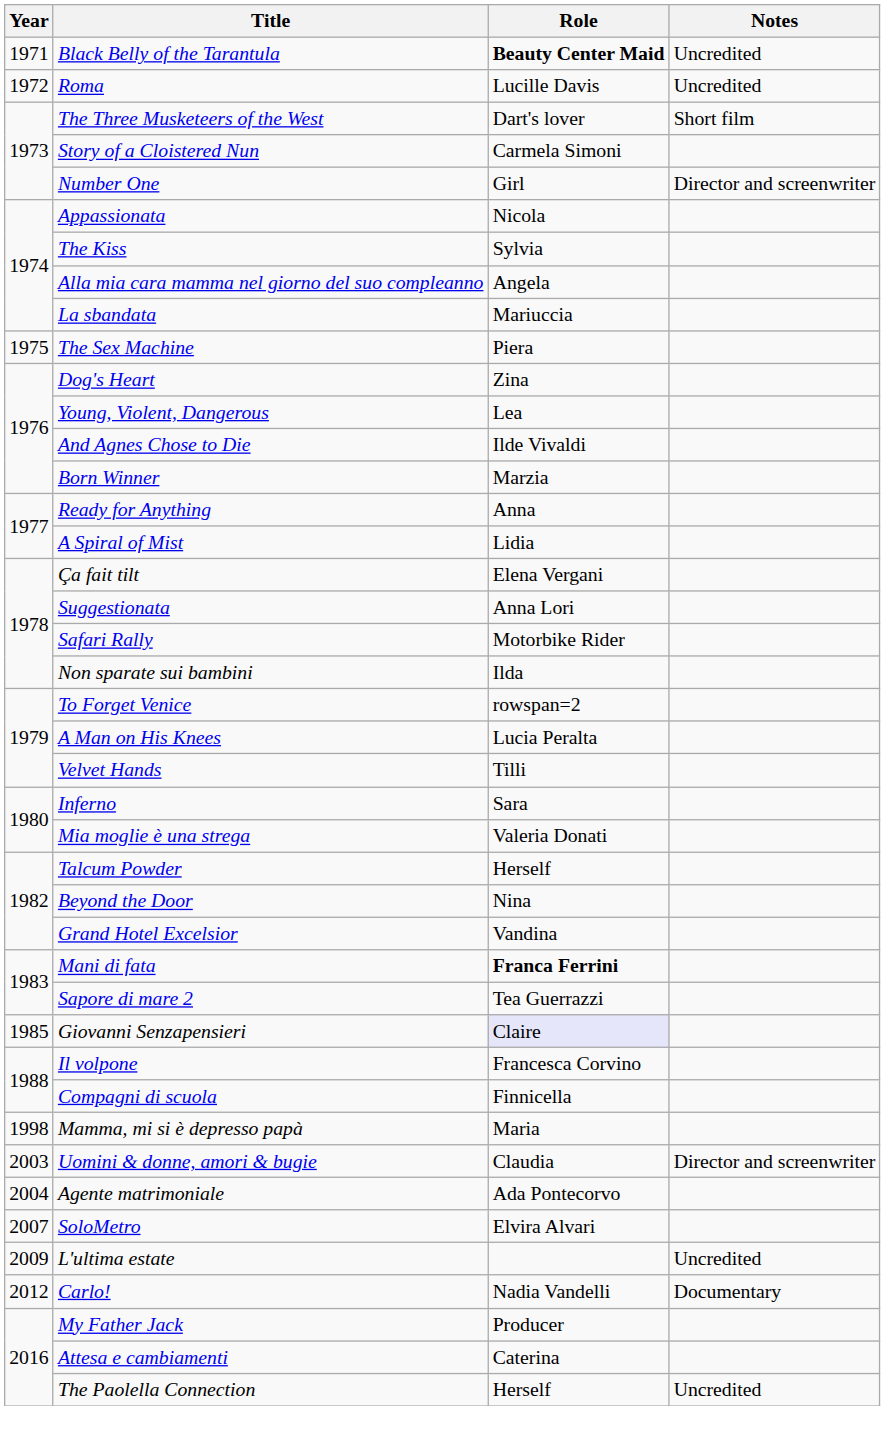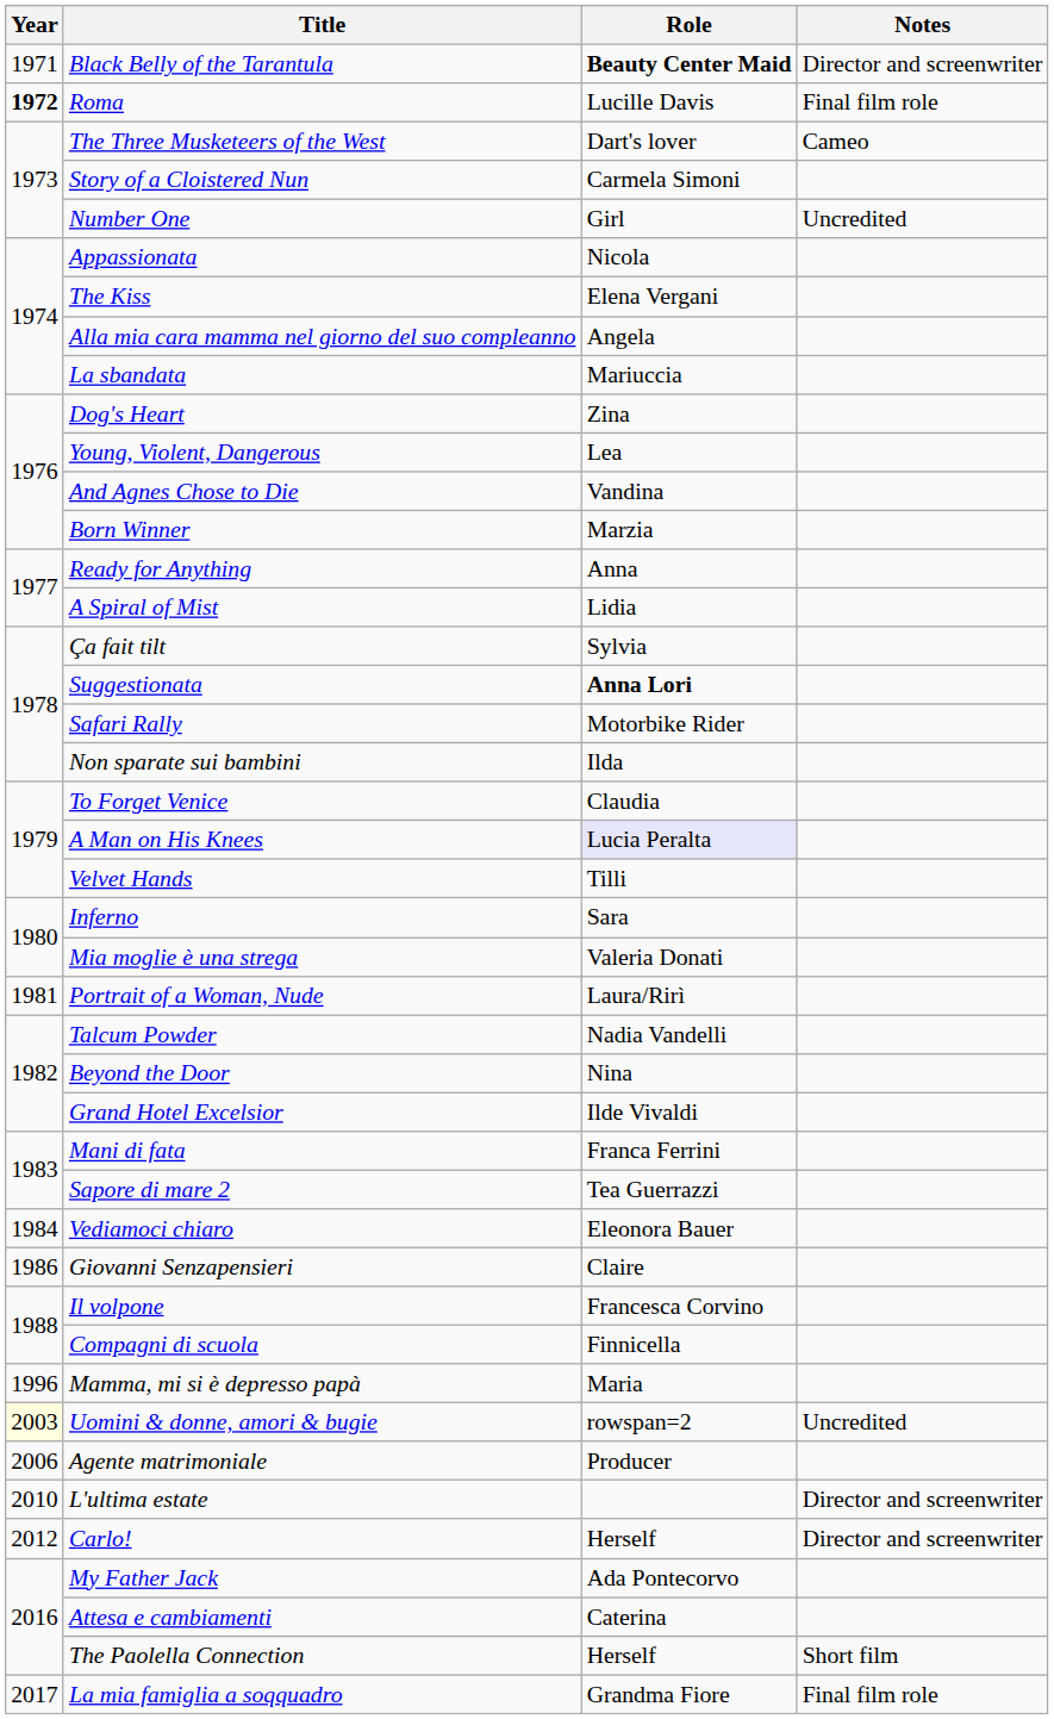 <table class="wikitable" style="font-size: 95%;">
 <tr>
 <th>Year</th>
 <th>Title</th>
 <th>Role</th>
 <th>Notes</th>
 </tr>
 <tr>
 <td>1971</td>
 <td><em><a href='#'>Black Belly of the Tarantula</a></em></td>
 <td><strong>Beauty Center Maid</strong></td>
-<td>Uncredited</td>
+<td>Director and screenwriter</td>
 </tr>
 <tr>
-<td>1972</td>
+<td><strong>1972</strong></td>
 <td><em><a href='#'>Roma</a></em></td>
 <td>Lucille Davis</td>
-<td>Uncredited</td>
+<td>Final film role</td>
 </tr>
 <tr>
 <td rowspan=3>1973</td>
 <td><em><a href='#'>The Three Musketeers of the West</a></em></td>
 <td>Dart's lover</td>
-<td>Short film</td>
+<td>Cameo</td>
 </tr>
 <tr>
 <td><em><a href='#'>Story of a Cloistered Nun</a></em></td>
 <td>Carmela Simoni</td>
 <td></td>
 </tr>
 <tr>
 <td><em><a href='#'>Number One</a></em></td>
 <td>Girl</td>
-<td>Director and screenwriter</td>
+<td>Uncredited</td>
 </tr>
 <tr>
 <td rowspan=4>1974</td>
 <td><em><a href='#'>Appassionata</a></em></td>
 <td>Nicola</td>
 <td></td>
 </tr>
 <tr>
 <td><em><a href='#'>The Kiss</a></em></td>
-<td>Sylvia</td>
+<td>Elena Vergani</td>
 <td></td>
 </tr>
 <tr>
 <td><em><a href='#'>Alla mia cara mamma nel giorno del suo compleanno</a></em></td>
 <td>Angela</td>
 <td></td>
 </tr>
 <tr>
 <td><em><a href='#'>La sbandata</a></em></td>
 <td>Mariuccia</td>
-<td></td>
-</tr>
-<tr>
-<td>1975</td>
-<td><em><a href='#'>The Sex Machine</a></em></td>
-<td>Piera</td>
 <td></td>
 </tr>
 <tr>
 <td rowspan=4>1976</td>
 <td><em><a href='#'>Dog's Heart</a></em></td>
 <td>Zina</td>
 <td></td>
 </tr>
 <tr>
 <td><em><a href='#'>Young, Violent, Dangerous</a></em></td>
 <td>Lea</td>
 <td></td>
 </tr>
 <tr>
 <td><em><a href='#'>And Agnes Chose to Die</a></em></td>
-<td>Ilde Vivaldi</td>
+<td>Vandina</td>
 <td></td>
 </tr>
 <tr>
 <td><em><a href='#'>Born Winner</a></em></td>
 <td>Marzia</td>
 <td></td>
 </tr>
 <tr>
 <td rowspan=2>1977</td>
 <td><em><a href='#'>Ready for Anything</a></em></td>
 <td>Anna</td>
 <td></td>
 </tr>
 <tr>
 <td><em><a href='#'>A Spiral of Mist</a></em></td>
 <td>Lidia</td>
 <td></td>
 </tr>
 <tr>
 <td rowspan=4>1978</td>
 <td><em>Ça fait tilt</em></td>
-<td>Elena Vergani</td>
+<td>Sylvia</td>
 <td></td>
 </tr>
 <tr>
 <td><em><a href='#'>Suggestionata</a></em></td>
-<td>Anna Lori</td>
+<td><strong>Anna Lori</strong></td>
 <td></td>
 </tr>
 <tr>
 <td><em><a href='#'>Safari Rally</a></em></td>
 <td>Motorbike Rider</td>
 <td></td>
 </tr>
 <tr>
 <td><em>Non sparate sui bambini</em></td>
 <td>Ilda</td>
 <td></td>
 </tr>
 <tr>
 <td rowspan=3>1979</td>
 <td><em><a href='#'>To Forget Venice</a></em></td>
-<td>rowspan=2 </td>
+<td>Claudia</td>
 <td></td>
 </tr>
 <tr>
 <td><em><a href='#'>A Man on His Knees</a></em></td>
-<td>Lucia Peralta</td>
+<td style="background: lavender;">Lucia Peralta</td>
 <td></td>
 </tr>
 <tr>
 <td><em><a href='#'>Velvet Hands</a></em></td>
 <td>Tilli</td>
 <td></td>
 </tr>
 <tr>
 <td rowspan=2>1980</td>
 <td><em><a href='#'>Inferno</a></em></td>
 <td>Sara</td>
 <td></td>
 </tr>
 <tr>
 <td><em><a href='#'>Mia moglie è una strega</a></em></td>
 <td>Valeria Donati</td>
 <td></td>
 </tr>
 <tr>
+<td>1981</td>
+<td><em><a href='#'>Portrait of a Woman, Nude</a></em></td>
+<td>Laura/Rirì</td>
+<td></td>
+</tr>
+<tr>
 <td rowspan=3>1982</td>
 <td><em><a href='#'>Talcum Powder</a></em></td>
-<td>Herself</td>
+<td>Nadia Vandelli</td>
 <td></td>
 </tr>
 <tr>
 <td><em><a href='#'>Beyond the Door</a></em></td>
 <td>Nina</td>
 <td></td>
 </tr>
 <tr>
 <td><em><a href='#'>Grand Hotel Excelsior</a></em></td>
-<td>Vandina</td>
+<td>Ilde Vivaldi</td>
 <td></td>
 </tr>
 <tr>
 <td rowspan=2>1983</td>
 <td><em><a href='#'>Mani di fata</a></em></td>
-<td><strong>Franca Ferrini</strong></td>
+<td>Franca Ferrini</td>
 <td></td>
 </tr>
 <tr>
 <td><em><a href='#'>Sapore di mare 2</a></em></td>
 <td>Tea Guerrazzi</td>
 <td></td>
 </tr>
 <tr>
-<td>1985</td>
+<td>1984</td>
+<td><em><a href='#'>Vediamoci chiaro</a></em></td>
+<td>Eleonora Bauer</td>
+<td></td>
+</tr>
+<tr>
+<td>1986</td>
 <td><em>Giovanni Senzapensieri</em></td>
-<td style="background: lavender;">Claire</td>
+<td>Claire</td>
 <td></td>
 </tr>
 <tr>
 <td rowspan=2>1988</td>
 <td><em><a href='#'>Il volpone</a></em></td>
 <td>Francesca Corvino</td>
 <td></td>
 </tr>
 <tr>
 <td><em><a href='#'>Compagni di scuola</a></em></td>
 <td>Finnicella</td>
 <td></td>
 </tr>
 <tr>
-<td>1998</td>
+<td>1996</td>
 <td><em>Mamma, mi si è depresso papà</em></td>
 <td>Maria</td>
 <td></td>
 </tr>
 <tr>
-<td>2003</td>
+<td style="background: lightyellow;">2003</td>
 <td><em><a href='#'> Uomini & donne, amori & bugie</a></em></td>
-<td>Claudia</td>
-<td>Director and screenwriter</td>
+<td>rowspan=2 </td>
+<td>Uncredited</td>
 </tr>
 <tr>
-<td>2004</td>
+<td>2006</td>
 <td><em>Agente matrimoniale</em></td>
-<td>Ada Pontecorvo</td>
+<td>Producer</td>
 </tr>
 <tr>
-<td>2007</td>
-<td><em><a href='#'>SoloMetro</a></em></td>
-<td>Elvira Alvari</td>
-<td></td>
-</tr>
-<tr>
-<td>2009</td>
+<td>2010</td>
 <td><em>L'ultima estate</em></td>
 <td></td>
-<td>Uncredited</td>
+<td>Director and screenwriter</td>
 </tr>
 <tr>
 <td>2012</td>
 <td><em><a href='#'>Carlo!</a></em></td>
-<td>Nadia Vandelli</td>
-<td>Documentary</td>
+<td>Herself</td>
+<td>Director and screenwriter</td>
 </tr>
 <tr>
 <td rowspan=3>2016</td>
 <td><em><a href='#'>My Father Jack</a></em></td>
-<td>Producer</td>
+<td>Ada Pontecorvo</td>
 <td></td>
 </tr>
 <tr>
 <td><em><a href='#'>Attesa e cambiamenti</a></em></td>
 <td>Caterina</td>
 <td></td>
 </tr>
 <tr>
 <td><em>The Paolella Connection</em></td>
 <td>Herself</td>
-<td>Uncredited</td>
+<td>Short film</td>
+</tr>
+<tr>
+<td>2017</td>
+<td><em><a href='#'>La mia famiglia a soqquadro</a></em></td>
+<td>Grandma Fiore</td>
+<td>Final film role</td>
 </tr>
 </table>
